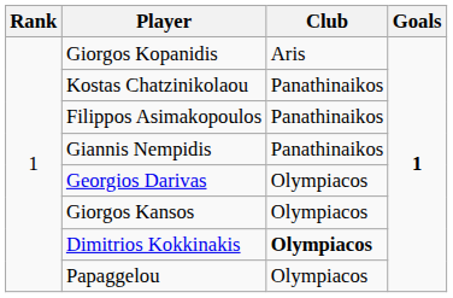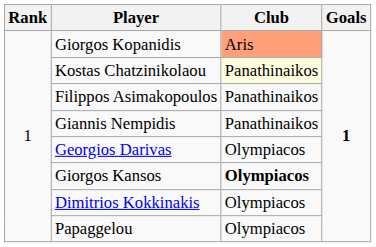 <table class="wikitable" style="text-align:center">
 <tr>
 <th>Rank</th>
 <th>Player</th>
 <th>Club</th>
 <th>Goals</th>
 </tr>
 <tr>
 <td rowspan=8>1</td>
 <td align="left"> Giorgos Kopanidis</td>
-<td align="left">Aris</td>
+<td align="left" style="background: lightsalmon;">Aris</td>
 <td rowspan=8><strong>1</strong></td>
 </tr>
 <tr>
 <td align="left"> Kostas Chatzinikolaou</td>
-<td align="left">Panathinaikos</td>
+<td align="left" style="background: lightyellow;">Panathinaikos</td>
 </tr>
 <tr>
 <td align="left"> Filippos Asimakopoulos</td>
 <td align="left">Panathinaikos</td>
 </tr>
 <tr>
 <td align="left"> Giannis Nempidis</td>
 <td align="left">Panathinaikos</td>
 </tr>
 <tr>
 <td align="left"> <a href='#'>Georgios Darivas</a></td>
 <td align="left">Olympiacos</td>
 </tr>
 <tr>
 <td align="left"> Giorgos Kansos</td>
-<td align="left">Olympiacos</td>
+<td align="left"><strong>Olympiacos</strong></td>
 </tr>
 <tr>
 <td align="left"> <a href='#'>Dimitrios Kokkinakis</a></td>
-<td align="left"><strong>Olympiacos</strong></td>
+<td align="left">Olympiacos</td>
 </tr>
 <tr>
 <td align="left"> Papaggelou</td>
 <td align="left">Olympiacos</td>
 </tr>
 </table>
